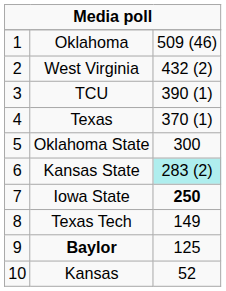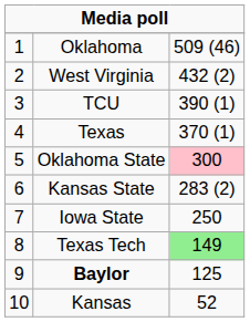 <table class="wikitable">
 <tr align="center">
 <td align="center" Colspan="3"><strong>Media poll</strong></td>
 </tr>
 <tr align="center">
 </tr>
 <tr align="center">
 <td>1</td>
 <td>Oklahoma</td>
 <td>509 (46)</td>
 </tr>
 <tr align="center">
 <td>2</td>
 <td>West Virginia</td>
 <td>432 (2)</td>
 </tr>
 <tr align="center">
 <td>3</td>
 <td>TCU</td>
 <td>390 (1)</td>
 </tr>
 <tr align="center">
 <td>4</td>
 <td>Texas</td>
 <td>370 (1)</td>
 </tr>
 <tr align="center">
 <td>5</td>
 <td>Oklahoma State</td>
-<td>300</td>
+<td style="background: pink;">300</td>
 </tr>
 <tr align="center">
 <td>6</td>
 <td>Kansas State</td>
-<td style="background: paleturquoise;">283 (2)</td>
+<td>283 (2)</td>
 </tr>
 <tr align="center">
 <td>7</td>
 <td>Iowa State</td>
-<td><strong>250</strong></td>
+<td>250</td>
 </tr>
 <tr align="center">
 <td>8</td>
 <td>Texas Tech</td>
-<td>149</td>
+<td style="background: lightgreen;">149</td>
 </tr>
 <tr align="center">
 <td>9</td>
 <td><strong>Baylor</strong></td>
 <td>125</td>
 </tr>
 <tr align="center">
 <td>10</td>
 <td>Kansas</td>
 <td>52</td>
 </tr>
 </table>
